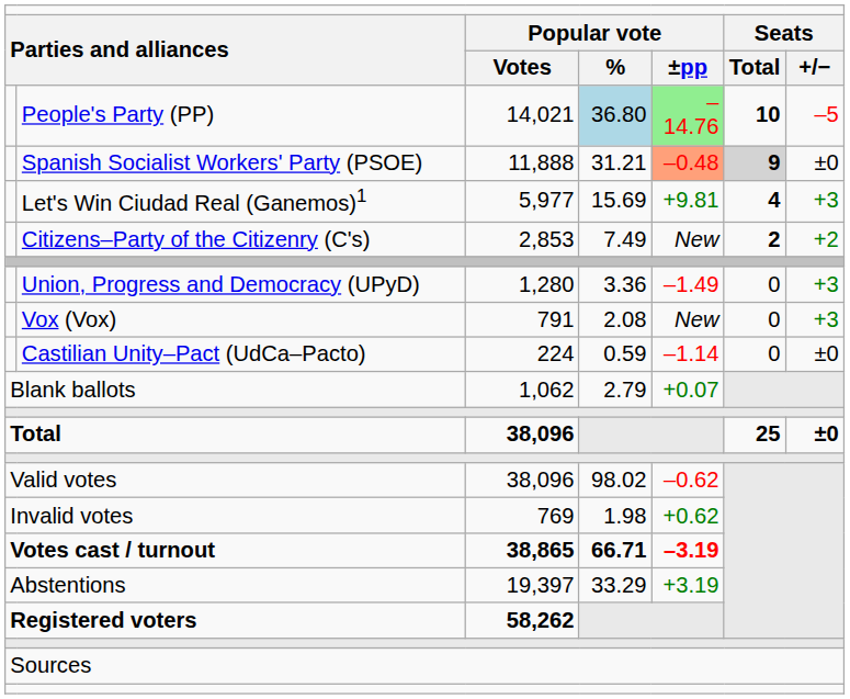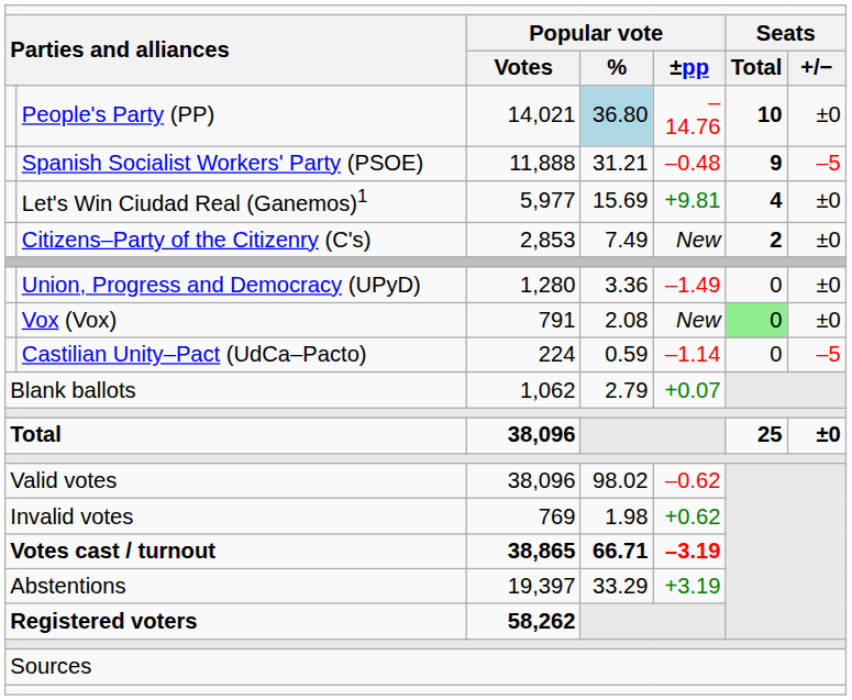 <table class="wikitable" style="text-align:right;">
 <tr>
 <td colspan="7"></td>
 </tr>
 <tr>
 <th style="text-align:left;" rowspan="2" colspan="2" width="525">Parties and alliances</th>
 <th colspan="3">Popular vote</th>
 <th colspan="2">Seats</th>
 </tr>
 <tr>
 <th width="75">Votes</th>
 <th width="45">%</th>
 <th width="45">±<a href='#'>pp</a></th>
 <th width="35">Total</th>
 <th width="35">+/−</th>
 </tr>
 <tr>
 <td width="1" style="color:inherit;background:"></td>
 <td align="left"><a href='#'>People's Party</a> (PP)</td>
 <td>14,021</td>
 <td style="background: lightblue;">36.80</td>
-<td style="background: lightgreen; color:red;">–14.76</td>
+<td style="color:red;">–14.76</td>
 <td><strong>10</strong></td>
-<td style="color:red;">–5</td>
+<td>±0</td>
 </tr>
 <tr>
 <td style="color:inherit;background:"></td>
 <td align="left"><a href='#'>Spanish Socialist Workers' Party</a> (PSOE)</td>
 <td>11,888</td>
 <td>31.21</td>
-<td style="background: lightsalmon; color:red;">–0.48</td>
-<td style="background: lightgrey;"><strong>9</strong></td>
-<td>±0</td>
+<td style="color:red;">–0.48</td>
+<td><strong>9</strong></td>
+<td style="color:red;">–5</td>
 </tr>
 <tr>
 <td style="color:inherit;background:"></td>
 <td align="left">Let's Win Ciudad Real (Ganemos)<sup>1</sup></td>
 <td>5,977</td>
 <td>15.69</td>
 <td style="color:green;">+9.81</td>
 <td><strong>4</strong></td>
-<td style="color:green;">+3</td>
+<td>±0</td>
 </tr>
 <tr>
 <td style="color:inherit;background:"></td>
 <td align="left"><a href='#'>Citizens–Party of the Citizenry</a> (C's)</td>
 <td>2,853</td>
 <td>7.49</td>
 <td><em>New</em></td>
 <td><strong>2</strong></td>
-<td style="color:green;">+2</td>
+<td>±0</td>
 </tr>
 <tr>
 <td colspan="7" bgcolor="#C0C0C0"></td>
 </tr>
 <tr>
 <td style="color:inherit;background:"></td>
 <td align="left"><a href='#'>Union, Progress and Democracy</a> (UPyD)</td>
 <td>1,280</td>
 <td>3.36</td>
 <td style="color:red;">–1.49</td>
 <td>0</td>
-<td style="color:green;">+3</td>
+<td>±0</td>
 </tr>
 <tr>
 <td style="color:inherit;background:"></td>
 <td align="left"><a href='#'>Vox</a> (Vox)</td>
 <td>791</td>
 <td>2.08</td>
 <td><em>New</em></td>
-<td>0</td>
-<td style="color:green;">+3</td>
+<td style="background: lightgreen;">0</td>
+<td>±0</td>
 </tr>
 <tr>
 <td style="color:inherit;background:"></td>
 <td align="left"><a href='#'>Castilian Unity–Pact</a> (UdCa–Pacto)</td>
 <td>224</td>
 <td>0.59</td>
 <td style="color:red;">–1.14</td>
 <td>0</td>
-<td>±0</td>
+<td style="color:red;">–5</td>
 </tr>
 <tr>
 <td align="left" colspan="2">Blank ballots</td>
 <td>1,062</td>
 <td>2.79</td>
 <td style="color:green;">+0.07</td>
 <td bgcolor="#E9E9E9" colspan="2"></td>
 </tr>
 <tr>
 <td colspan="7" bgcolor="#E9E9E9"></td>
 </tr>
 <tr style="font-weight:bold;">
 <td align="left" colspan="2">Total</td>
 <td>38,096</td>
 <td bgcolor="#E9E9E9" colspan="2"></td>
 <td>25</td>
 <td>±0</td>
 </tr>
 <tr>
 <td colspan="7" bgcolor="#E9E9E9"></td>
 </tr>
 <tr>
 <td align="left" colspan="2">Valid votes</td>
 <td>38,096</td>
 <td>98.02</td>
 <td style="color:red;">–0.62</td>
 <td bgcolor="#E9E9E9" colspan="2" rowspan="5"></td>
 </tr>
 <tr>
 <td align="left" colspan="2">Invalid votes</td>
 <td>769</td>
 <td>1.98</td>
 <td style="color:green;">+0.62</td>
 </tr>
 <tr style="font-weight:bold;">
 <td align="left" colspan="2">Votes cast / turnout</td>
 <td>38,865</td>
 <td>66.71</td>
 <td style="color:red;">–3.19</td>
 </tr>
 <tr>
 <td align="left" colspan="2">Abstentions</td>
 <td>19,397</td>
 <td>33.29</td>
 <td style="color:green;">+3.19</td>
 </tr>
 <tr style="font-weight:bold;">
 <td align="left" colspan="2">Registered voters</td>
 <td>58,262</td>
 <td bgcolor="#E9E9E9" colspan="2"></td>
 </tr>
 <tr>
 <td colspan="7" bgcolor="#E9E9E9"></td>
 </tr>
 <tr>
 <td align="left" colspan="7">Sources</td>
 </tr>
 <tr>
 <td colspan="7" style="text-align:left; max-width:790px;"></td>
 </tr>
 </table>
